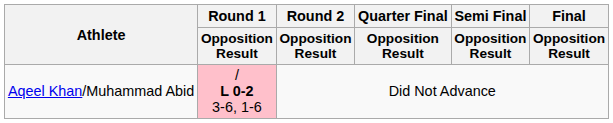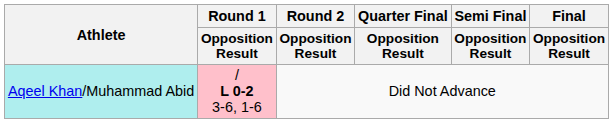 <table class=wikitable style="text-align:center; font-size:90%">
 <tr>
 <th rowspan=2>Athlete</th>
 <th>Round 1</th>
 <th>Round 2</th>
 <th>Quarter Final</th>
 <th>Semi Final</th>
 <th>Final</th>
 </tr>
 <tr style="font-size:95%">
 <th>Opposition<br>Result</th>
 <th>Opposition<br>Result</th>
 <th>Opposition<br>Result</th>
 <th>Opposition<br>Result</th>
 <th>Opposition<br>Result</th>
 </tr>
 <tr align=center>
-<td><a href='#'>Aqeel Khan</a>/Muhammad Abid</td>
+<td style="background: paleturquoise;"><a href='#'>Aqeel Khan</a>/Muhammad Abid</td>
 <td style="background:pink;">/<br><strong>L 0-2</strong><br>3-6, 1-6</td>
 <td colspan=4>Did Not Advance</td>
 </tr>
 </table>
